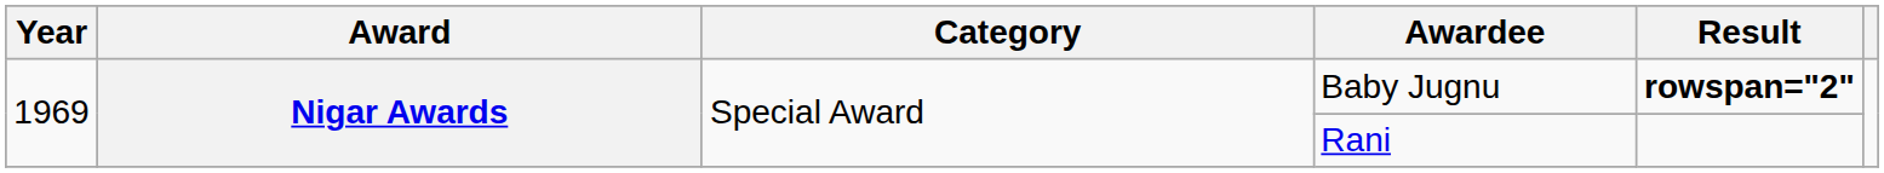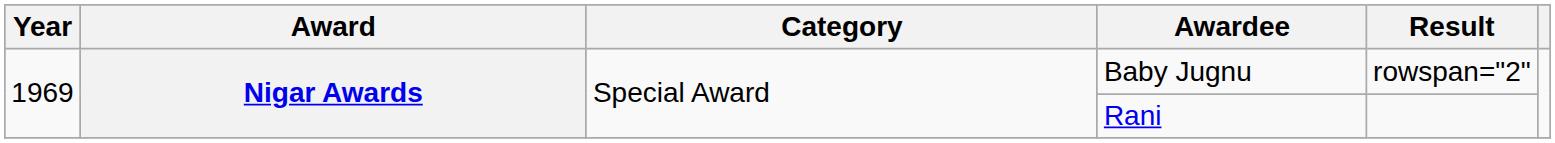 <table class="wikitable plainrowheaders" width=100%>
 <tr>
 <th width:5%>Year</th>
 <th style="width:40%;">Award</th>
 <th style="width:40%;">Category</th>
 <th style="width:40%;">Awardee</th>
 <th style="width:10%;">Result</th>
 <th width=5% class="unsortable"></th>
 </tr>
 <tr>
 <td rowspan="2">1969</td>
 <th scope="row" rowspan="2"><a href='#'>Nigar Awards</a></th>
 <td rowspan="2">Special Award</td>
 <td>Baby Jugnu</td>
-<td><strong>rowspan="2" </strong></td>
+<td>rowspan="2" </td>
 <td align="center" rowspan="2"></td>
 </tr>
 <tr>
 <td><a href='#'>Rani</a></td>
 </tr>
 </table>
